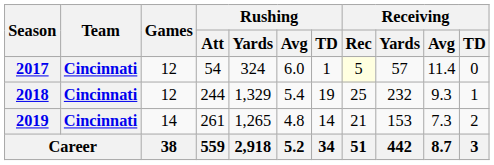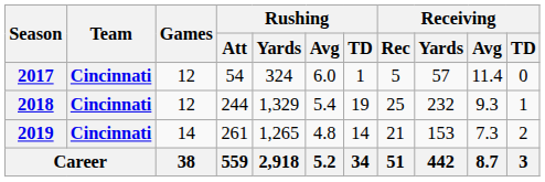 <table class="wikitable" style="text-align:center;">
 <tr>
 <th rowspan="2">Season</th>
 <th rowspan="2">Team</th>
 <th rowspan="2">Games</th>
 <th colspan="4">Rushing</th>
 <th colspan="4">Receiving</th>
 </tr>
 <tr>
 <th>Att</th>
 <th>Yards</th>
 <th>Avg</th>
 <th>TD</th>
 <th>Rec</th>
 <th>Yards</th>
 <th>Avg</th>
 <th>TD</th>
 </tr>
 <tr>
 <th><a href='#'>2017</a></th>
 <th><a href='#'>Cincinnati</a></th>
 <td>12</td>
 <td>54</td>
 <td>324</td>
 <td>6.0</td>
 <td>1</td>
-<td style="background: lightyellow;">5</td>
+<td>5</td>
 <td>57</td>
 <td>11.4</td>
 <td>0</td>
 </tr>
 <tr>
 <th><a href='#'>2018</a></th>
 <th><a href='#'>Cincinnati</a></th>
 <td>12</td>
 <td>244</td>
 <td>1,329</td>
 <td>5.4</td>
 <td>19</td>
 <td>25</td>
 <td>232</td>
 <td>9.3</td>
 <td>1</td>
 </tr>
 <tr>
 <th><a href='#'>2019</a></th>
 <th><a href='#'>Cincinnati</a></th>
 <td>14</td>
 <td>261</td>
 <td>1,265</td>
 <td>4.8</td>
 <td>14</td>
 <td>21</td>
 <td>153</td>
 <td>7.3</td>
 <td>2</td>
 </tr>
 <tr>
 <th colspan="2">Career</th>
 <th>38</th>
 <th>559</th>
 <th>2,918</th>
 <th>5.2</th>
 <th>34</th>
 <th>51</th>
 <th>442</th>
 <th>8.7</th>
 <th>3</th>
 </tr>
 </table>
